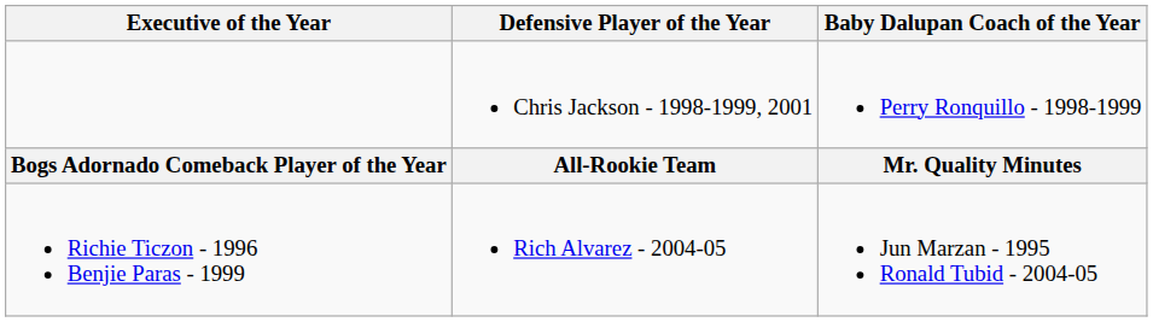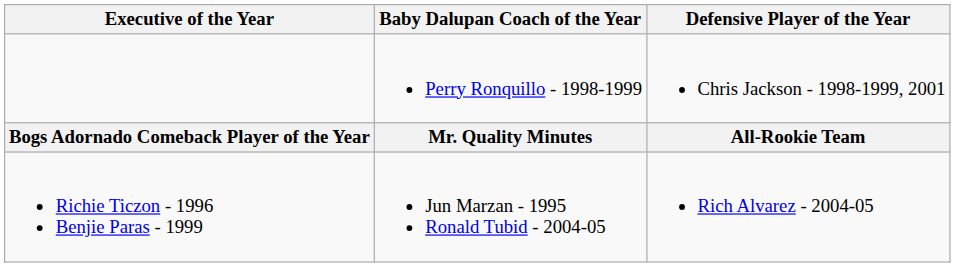 <table class=wikitable>
 <tr>
 <th>Executive of the Year</th>
+<th>Baby Dalupan Coach of the Year</th>
 <th>Defensive Player of the Year</th>
-<th>Baby Dalupan Coach of the Year</th>
 </tr>
 <tr>
 <td valign="top"></td>
+<td valign="top"><br><ul><li><a href='#'>Perry Ronquillo</a> - 1998-1999</li></ul></td>
 <td valign="top"><br><ul><li>Chris Jackson - 1998-1999, 2001</li></ul></td>
-<td valign="top"><br><ul><li><a href='#'>Perry Ronquillo</a> - 1998-1999</li></ul></td>
 </tr>
 <tr>
 <th>Bogs Adornado Comeback Player of the Year</th>
+<th>Mr. Quality Minutes</th>
 <th>All-Rookie Team</th>
-<th>Mr. Quality Minutes</th>
 </tr>
 <tr>
 <td valign="top"><br><ul><li><a href='#'>Richie Ticzon</a> - 1996</li><li><a href='#'>Benjie Paras</a> - 1999</li></ul></td>
+<td valign="top"><br><ul><li>Jun Marzan - 1995</li><li><a href='#'>Ronald Tubid</a> - 2004-05</li></ul></td>
 <td valign="top"><br><ul><li><a href='#'>Rich Alvarez</a> - 2004-05</li></ul></td>
-<td valign="top"><br><ul><li>Jun Marzan - 1995</li><li><a href='#'>Ronald Tubid</a> - 2004-05</li></ul></td>
 </tr>
 </table>
